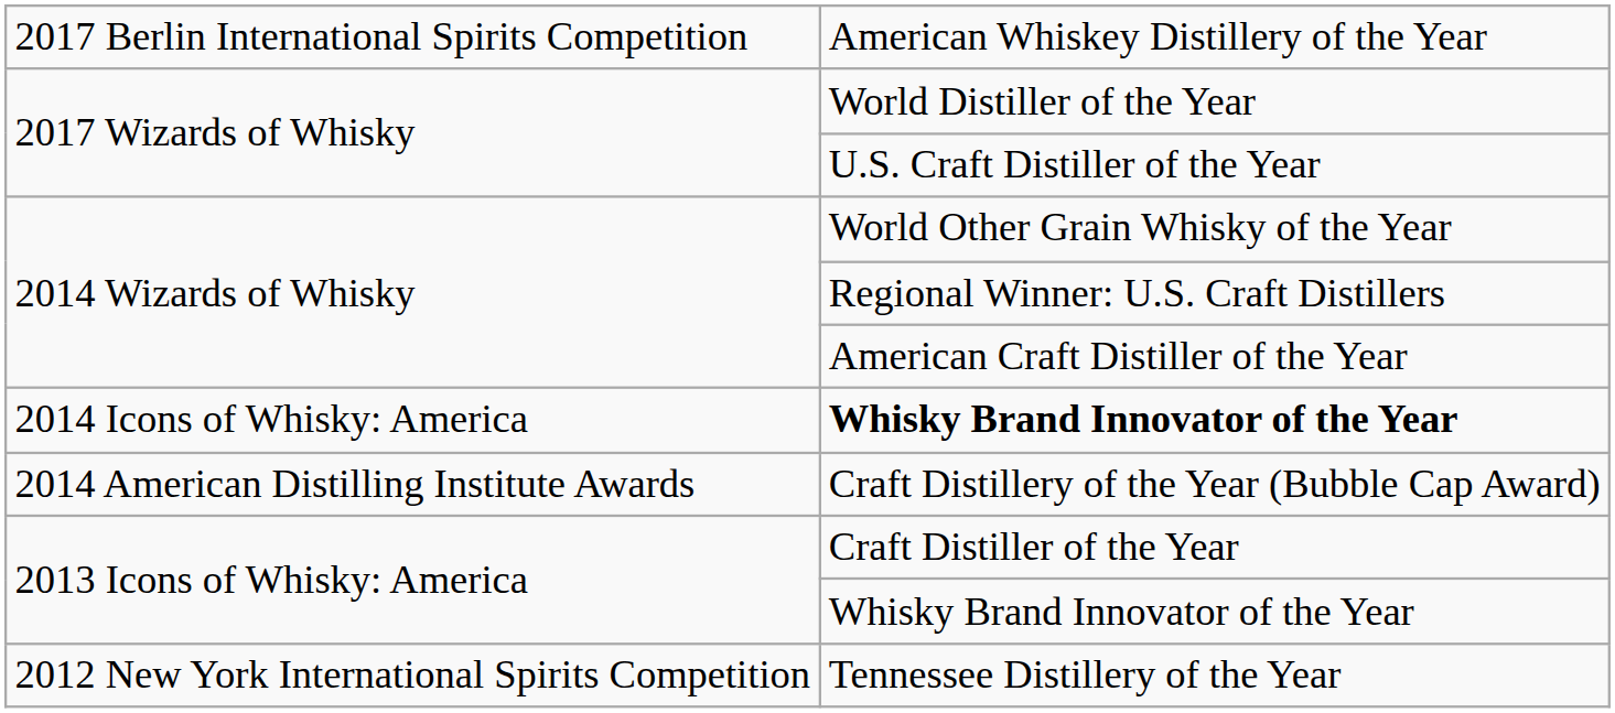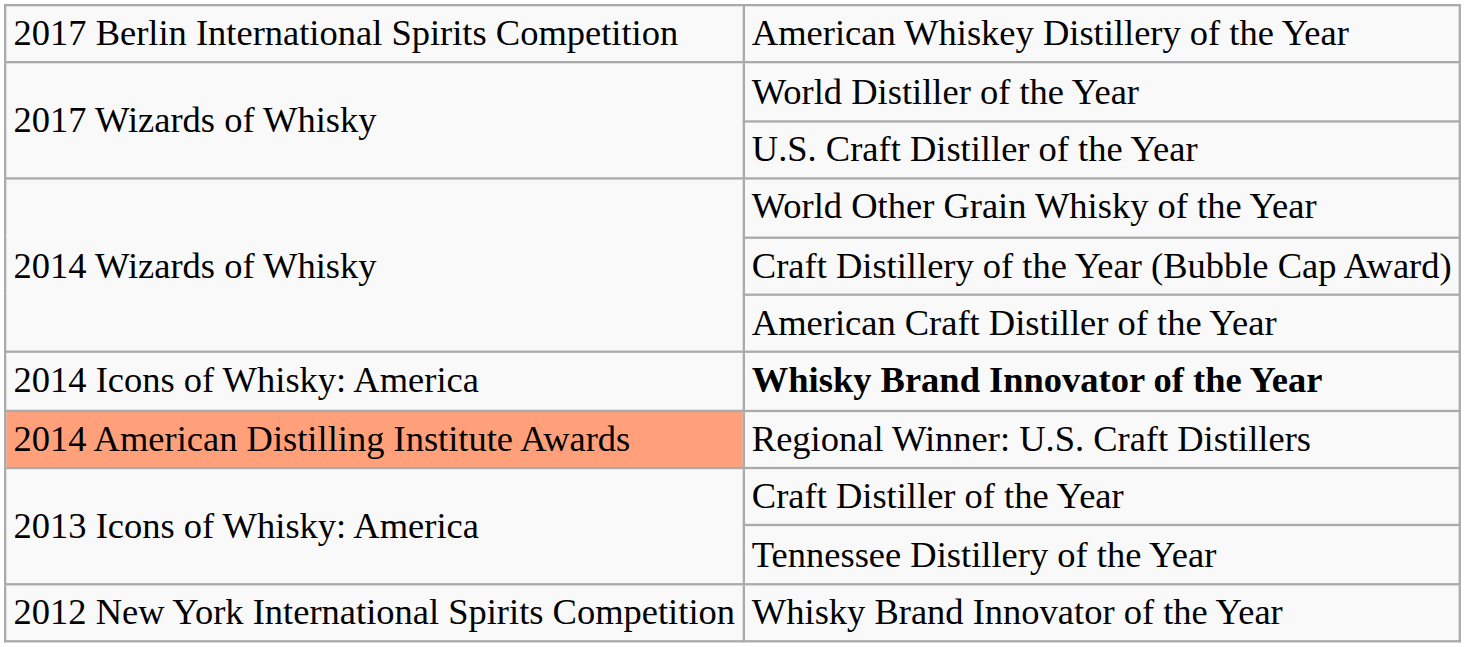 <table class="wikitable">
 <tr>
 <td>2017 Berlin International Spirits Competition</td>
 <td>American Whiskey Distillery of the Year</td>
 </tr>
 <tr>
 <td rowspan="2">2017 Wizards of Whisky</td>
 <td>World Distiller of the Year</td>
 </tr>
 <tr>
 <td>U.S. Craft Distiller of the Year</td>
 </tr>
 <tr>
 <td rowspan="3">2014 Wizards of Whisky</td>
 <td>World Other Grain Whisky of the Year</td>
 </tr>
 <tr>
-<td>Regional Winner: U.S. Craft Distillers</td>
+<td>Craft Distillery of the Year (Bubble Cap Award)</td>
 </tr>
 <tr>
 <td>American Craft Distiller of the Year</td>
 </tr>
 <tr>
 <td>2014 Icons of Whisky: America</td>
 <td><strong>Whisky Brand Innovator of the Year</strong></td>
 </tr>
 <tr>
-<td>2014 American Distilling Institute Awards</td>
-<td>Craft Distillery of the Year (Bubble Cap Award)</td>
+<td style="background: lightsalmon;">2014 American Distilling Institute Awards</td>
+<td>Regional Winner: U.S. Craft Distillers</td>
 </tr>
 <tr>
 <td rowspan="2">2013 Icons of Whisky: America</td>
 <td>Craft Distiller of the Year</td>
 </tr>
 <tr>
-<td>Whisky Brand Innovator of the Year</td>
+<td>Tennessee Distillery of the Year</td>
 </tr>
 <tr>
 <td>2012 New York International Spirits Competition</td>
-<td>Tennessee Distillery of the Year</td>
+<td>Whisky Brand Innovator of the Year</td>
 </tr>
 </table>
